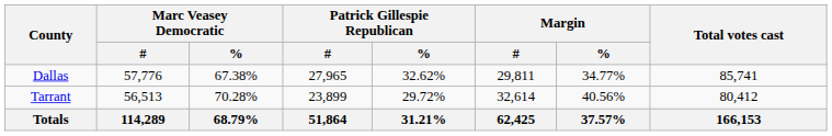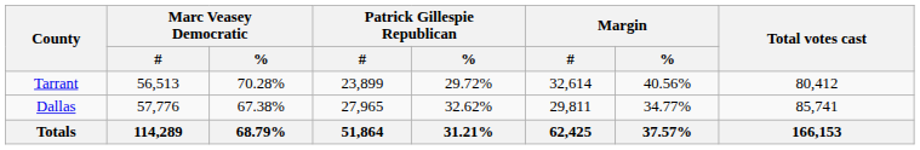 <table width="60%"  class="wikitable sortable" style="text-align:center">
 <tr>
 <th rowspan="2">County</th>
 <th style="text-align:center;" colspan="2">Marc Veasey<br>Democratic</th>
 <th style="text-align:center;" colspan="2">Patrick Gillespie<br>Republican</th>
 <th style="text-align:center;" colspan="2">Margin</th>
 <th rowspan="2" style="text-align:center;">Total votes cast</th>
 </tr>
 <tr>
 <th style="text-align:center;" data-sort-type="number">#</th>
 <th style="text-align:center;" data-sort-type="number">%</th>
 <th style="text-align:center;" data-sort-type="number">#</th>
 <th style="text-align:center;" data-sort-type="number">%</th>
 <th style="text-align:center;" data-sort-type="number">#</th>
 <th style="text-align:center;" data-sort-type="number">%</th>
 </tr>
 <tr style="text-align:center;">
+<td style="color:black;background-color:"><a href='#'>Tarrant</a></td>
+<td style="color:black;background-color:">56,513</td>
+<td style="color:black;background-color:">70.28%</td>
+<td style="background-color:">23,899</td>
+<td style="background-color:">29.72%</td>
+<td style="color:black;background-color:">32,614</td>
+<td style="color:black;background-color:">40.56%</td>
+<td style="color:black;background-color:">80,412</td>
+</tr>
+<tr style="text-align:center;">
 <td style="color:black;background-color:"><a href='#'>Dallas</a></td>
 <td style="color:black;background-color:">57,776</td>
 <td style="color:black;background-color:">67.38%</td>
 <td style="background-color:">27,965</td>
 <td style="background-color:">32.62%</td>
 <td style="color:black;background-color:">29,811</td>
 <td style="color:black;background-color:">34.77%</td>
 <td style="color:black;background-color:">85,741</td>
-</tr>
-<tr style="text-align:center;">
-<td style="color:black;background-color:"><a href='#'>Tarrant</a></td>
-<td style="color:black;background-color:">56,513</td>
-<td style="color:black;background-color:">70.28%</td>
-<td style="background-color:">23,899</td>
-<td style="background-color:">29.72%</td>
-<td style="color:black;background-color:">32,614</td>
-<td style="color:black;background-color:">40.56%</td>
-<td style="color:black;background-color:">80,412</td>
 </tr>
 <tr style="text-align:center;">
 <th>Totals</th>
 <th>114,289</th>
 <th>68.79%</th>
 <th>51,864</th>
 <th>31.21%</th>
 <th>62,425</th>
 <th>37.57%</th>
 <th>166,153</th>
 </tr>
 </table>
